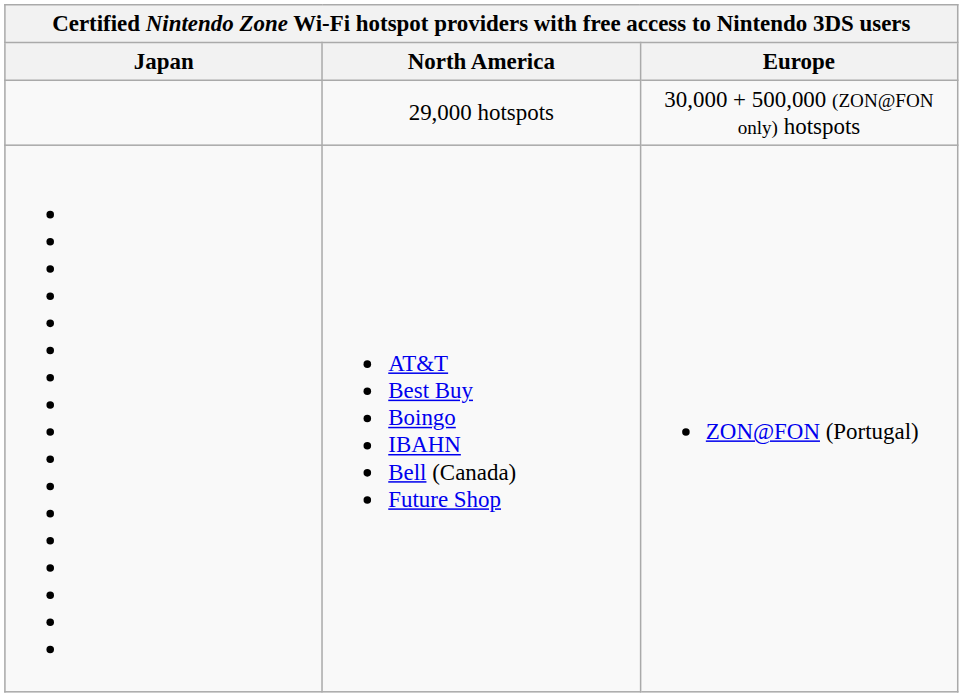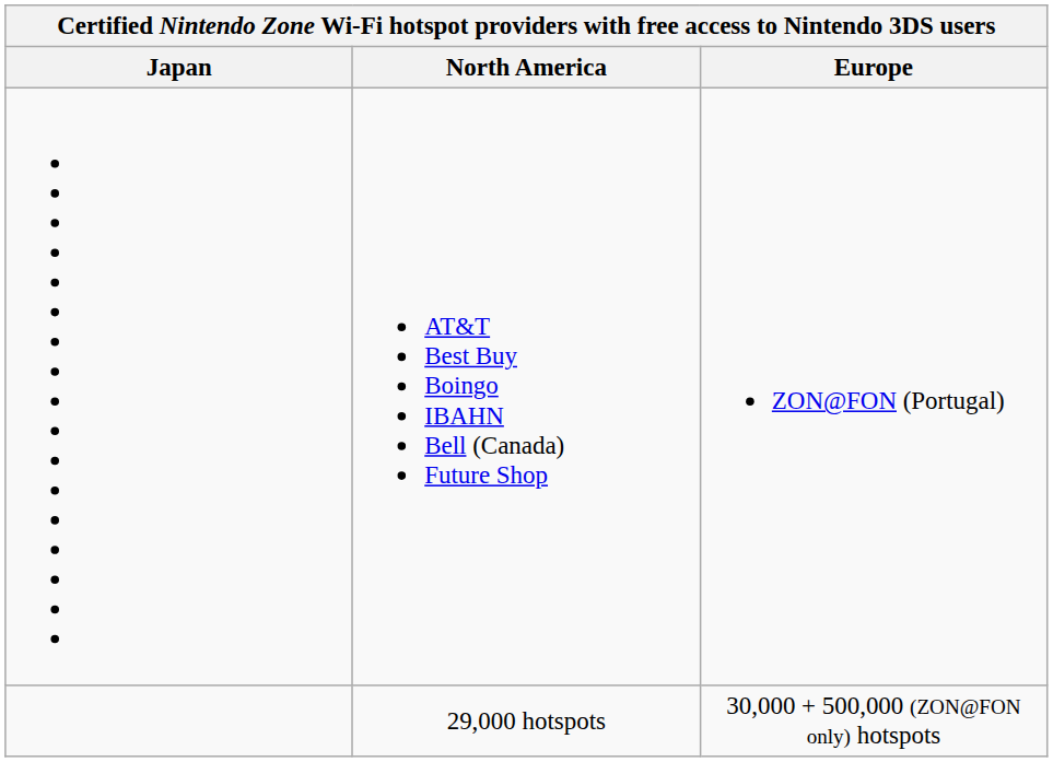 <table class="wikitable collapsible collapsed" style="clear:none; font-size:95%; padding:0 auto; width:50%; margin:auto">
 <tr>
 <th colspan="3">Certified <em>Nintendo Zone</em> Wi-Fi hotspot providers with free access to Nintendo 3DS users</th>
 </tr>
 <tr>
 <th style="width:33%;">Japan</th>
 <th style="width:33%;">North America</th>
 <th style="width:33%;">Europe</th>
 </tr>
+<tr>
+<td><br> <ul><li></li><li></li><li></li><li></li><li></li><li></li><li></li><li></li><li></li><li></li><li></li><li></li><li></li><li></li><li></li><li></li><li></li></ul></td>
+<td><br><ul><li><a href='#'>AT&T</a></li><li><a href='#'>Best Buy</a></li><li><a href='#'>Boingo</a></li><li><a href='#'>IBAHN</a></li><li><a href='#'>Bell</a> (Canada)</li><li><a href='#'>Future Shop</a></li></ul></td>
+<td><br><ul><li><a href='#'>ZON@FON</a> (Portugal)</li></ul></td>
+</tr>
 <tr style="text-align: center;">
 <td></td>
 <td>29,000 hotspots</td>
 <td>30,000 + 500,000 <small>(ZON@FON only)</small> hotspots</td>
 </tr>
-<tr>
-<td><br> <ul><li></li><li></li><li></li><li></li><li></li><li></li><li></li><li></li><li></li><li></li><li></li><li></li><li></li><li></li><li></li><li></li><li></li></ul></td>
-<td><br><ul><li><a href='#'>AT&T</a></li><li><a href='#'>Best Buy</a></li><li><a href='#'>Boingo</a></li><li><a href='#'>IBAHN</a></li><li><a href='#'>Bell</a> (Canada)</li><li><a href='#'>Future Shop</a></li></ul></td>
-<td><br><ul><li><a href='#'>ZON@FON</a> (Portugal)</li></ul></td>
-</tr>
 </table>
